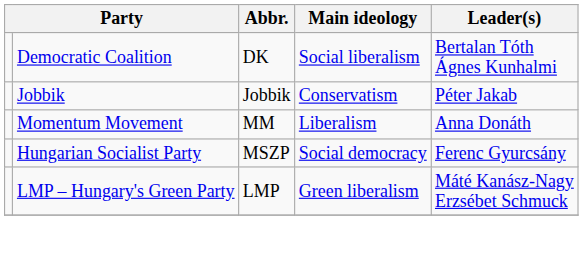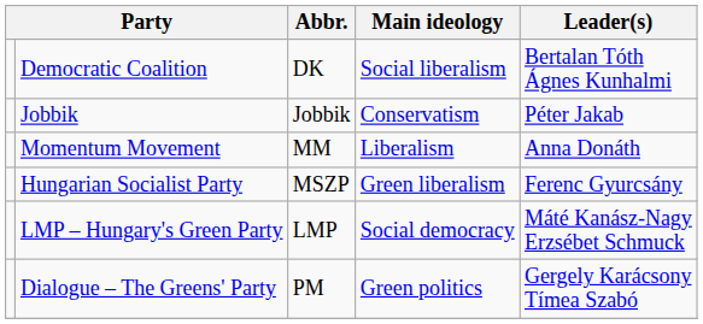 <table class=wikitable style=text-align:left>
 <tr>
 <th colspan=2>Party</th>
 <th>Abbr.</th>
 <th>Main ideology</th>
 <th>Leader(s)</th>
 </tr>
 <tr>
 <td></td>
 <td><a href='#'>Democratic Coalition</a></td>
 <td>DK</td>
 <td><a href='#'>Social liberalism</a></td>
 <td><a href='#'>Bertalan Tóth</a><br><a href='#'>Ágnes Kunhalmi</a></td>
 </tr>
 <tr>
 <td></td>
 <td><a href='#'>Jobbik</a></td>
 <td>Jobbik</td>
 <td><a href='#'>Conservatism</a></td>
 <td><a href='#'>Péter Jakab</a></td>
 </tr>
 <tr>
 <td></td>
 <td><a href='#'>Momentum Movement</a></td>
 <td>MM</td>
 <td><a href='#'>Liberalism</a></td>
 <td><a href='#'>Anna Donáth</a></td>
 </tr>
 <tr>
 <td></td>
 <td><a href='#'>Hungarian Socialist Party</a></td>
 <td>MSZP</td>
-<td><a href='#'>Social democracy</a></td>
+<td><a href='#'>Green liberalism</a></td>
 <td><a href='#'>Ferenc Gyurcsány</a></td>
 </tr>
 <tr>
 <td></td>
 <td><a href='#'>LMP – Hungary's Green Party</a></td>
 <td>LMP</td>
-<td><a href='#'>Green liberalism</a></td>
+<td><a href='#'>Social democracy</a></td>
 <td><a href='#'>Máté Kanász-Nagy</a><br><a href='#'>Erzsébet Schmuck</a></td>
+</tr>
+<tr>
+<td></td>
+<td><a href='#'>Dialogue – The Greens' Party</a></td>
+<td>PM</td>
+<td><a href='#'>Green politics</a></td>
+<td><a href='#'>Gergely Karácsony</a><br><a href='#'>Tímea Szabó</a></td>
 </tr>
 <tr>
 </tr>
 </table>
